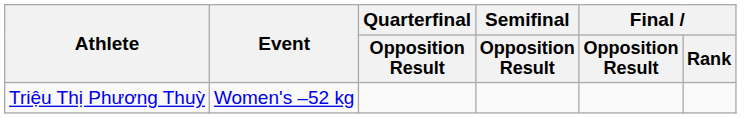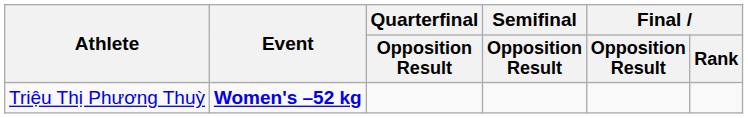 <table class=wikitable style=font-size:90%;text-align:center>
 <tr>
 <th rowspan=2>Athlete</th>
 <th rowspan=2>Event</th>
 <th>Quarterfinal</th>
 <th>Semifinal</th>
 <th colspan=2>Final / </th>
 </tr>
 <tr style=font-size:95%>
 <th>Opposition<br>Result</th>
 <th>Opposition<br>Result</th>
 <th>Opposition<br>Result</th>
 <th>Rank</th>
 </tr>
 <tr>
 <td align=left><a href='#'>Triệu Thị Phương Thuỳ</a></td>
-<td align=left><a href='#'>Women's –52 kg</a></td>
+<td align=left><strong><a href='#'>Women's –52 kg</a></strong></td>
 <td></td>
 <td></td>
 <td></td>
 <td></td>
 </tr>
 </table>
